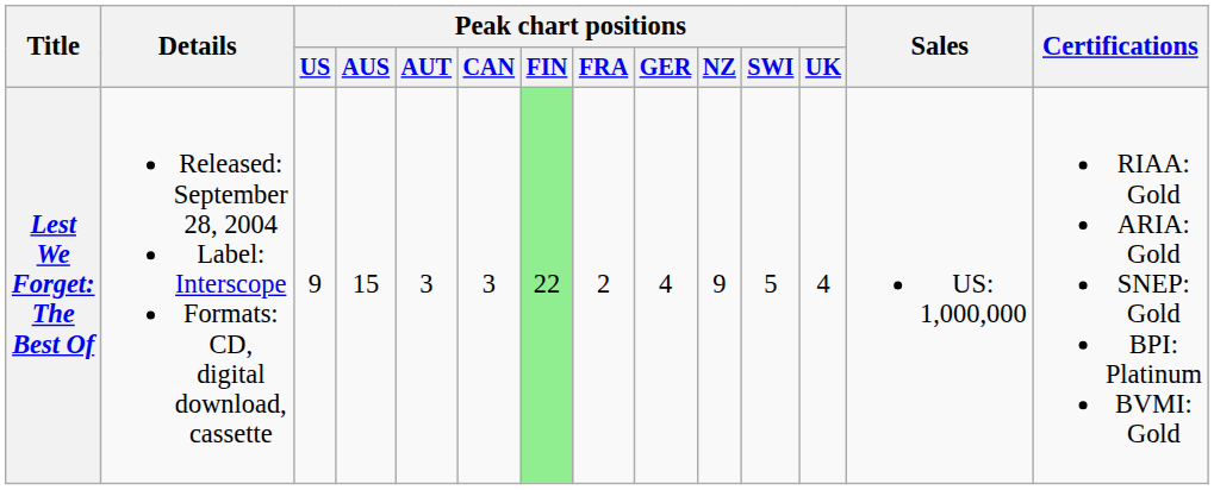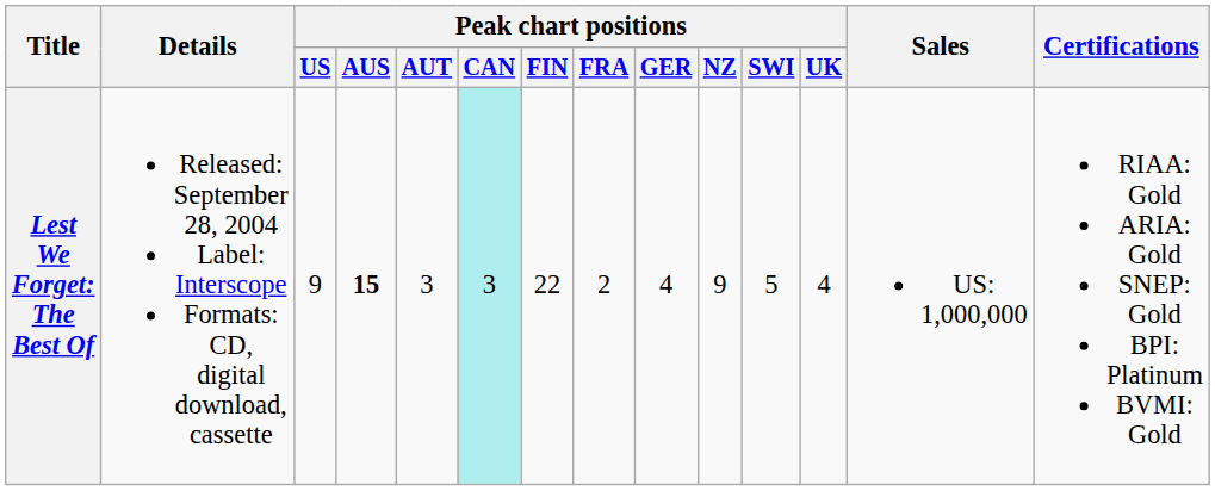 <table class="wikitable plainrowheaders" style="text-align:center">
 <tr>
 <th scope="col" rowspan="2" style="width:16em;">Title</th>
 <th scope="col" rowspan="2" style="width:18em;">Details</th>
 <th scope="col" colspan="10">Peak chart positions</th>
 <th scope="col" rowspan="2" style="width:12em;">Sales</th>
 <th scope="col" rowspan="2" style="width:12em;"><a href='#'>Certifications</a></th>
 </tr>
 <tr>
 <th scope="col" style="width:2.5em; font-size:90%;"><a href='#'>US</a><br></th>
 <th scope="col" style="width:2.5em; font-size:90%;"><a href='#'>AUS</a><br></th>
 <th scope="col" style="width:2.5em; font-size:90%;"><a href='#'>AUT</a><br></th>
 <th scope="col" style="width:2.5em; font-size:90%;"><a href='#'>CAN</a><br></th>
 <th scope="col" style="width:2.5em; font-size:90%;"><a href='#'>FIN</a><br></th>
 <th scope="col" style="width:2.5em; font-size:90%;"><a href='#'>FRA</a><br></th>
 <th scope="col" style="width:2.5em; font-size:90%;"><a href='#'>GER</a><br></th>
 <th scope="col" style="width:2.5em; font-size:90%;"><a href='#'>NZ</a><br></th>
 <th scope="col" style="width:2.5em; font-size:90%;"><a href='#'>SWI</a><br></th>
 <th scope="col" style="width:2.5em; font-size:90%;"><a href='#'>UK</a><br></th>
 </tr>
 <tr>
 <th scope="row"><em><a href='#'>Lest We Forget: The Best Of</a></em></th>
 <td><br><ul><li>Released: September 28, 2004</li><li>Label: <a href='#'>Interscope</a></li><li>Formats: CD, digital download, cassette</li></ul></td>
 <td>9</td>
-<td>15</td>
+<td><strong>15</strong></td>
 <td>3</td>
-<td>3</td>
-<td style="background: lightgreen;">22</td>
+<td style="background: paleturquoise;">3</td>
+<td>22</td>
 <td>2</td>
 <td>4</td>
 <td>9</td>
 <td>5</td>
 <td>4</td>
 <td><br><ul><li>US: 1,000,000</li></ul></td>
 <td><br><ul><li>RIAA: Gold</li><li>ARIA: Gold</li><li>SNEP: Gold</li><li>BPI: Platinum</li><li>BVMI: Gold</li></ul></td>
 </tr>
 </table>
